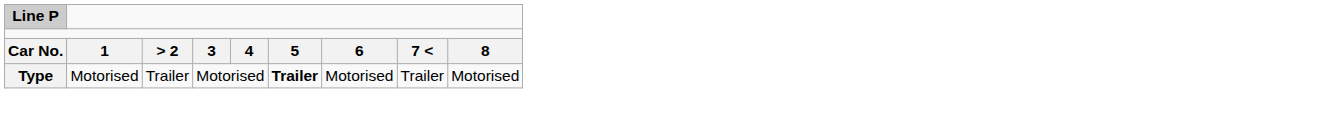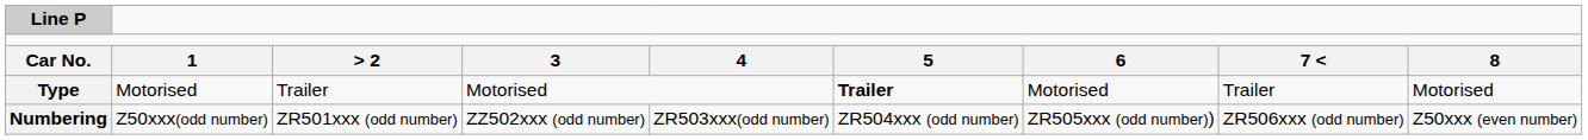 <table class="wikitable">
 <tr>
 <th style="background-color:#ccc;">Line P</th>
 <td colspan="8"></td>
 </tr>
 <tr style="line-height: 9px; background-color:#">
 <td colspan="9" style="padding:0; border:0;"> </td>
 </tr>
 <tr>
 <th>Car No.</th>
 <th>1</th>
 <th>> 2</th>
 <th>3</th>
 <th>4</th>
 <th>5</th>
 <th>6</th>
 <th>7 <</th>
 <th>8</th>
 </tr>
 <tr>
 <th>Type</th>
 <td>Motorised</td>
 <td>Trailer</td>
 <td colspan="2">Motorised</td>
 <td><strong>Trailer</strong></td>
 <td>Motorised</td>
 <td>Trailer</td>
 <td>Motorised</td>
 </tr>
+<tr>
+<th>Numbering</th>
+<td>Z50xxx<small>(odd number)</small></td>
+<td>ZR501xxx <small>(odd number)</small></td>
+<td>ZZ502xxx <small>(odd number)</small></td>
+<td>ZR503xxx<small>(odd number)</small></td>
+<td>ZR504xxx <small>(odd number)</small></td>
+<td>ZR505xxx <small>(odd number)</small>)</td>
+<td>ZR506xxx <small>(odd number)</small></td>
+<td>Z50xxx <small>(even number)</small></td>
+</tr>
 </table>
